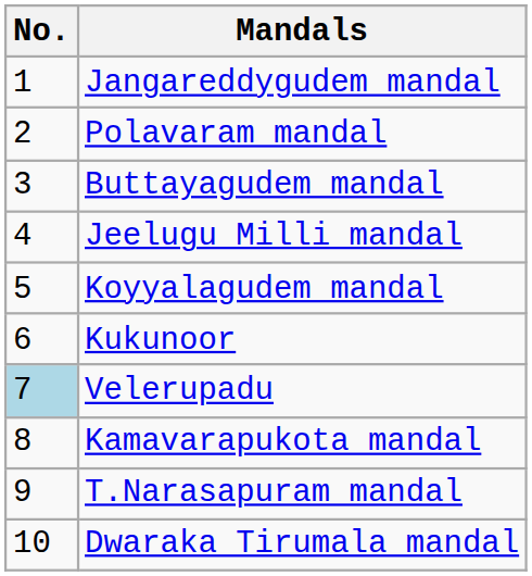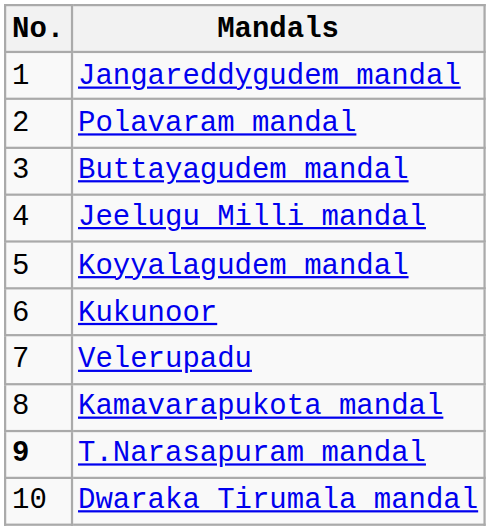 <table class="wikitable">
 <tr>
 <th>No.</th>
 <th>Mandals</th>
 </tr>
 <tr>
 <td>1</td>
 <td><a href='#'>Jangareddygudem mandal</a></td>
 </tr>
 <tr>
 <td>2</td>
 <td><a href='#'>Polavaram mandal</a></td>
 </tr>
 <tr>
 <td>3</td>
 <td><a href='#'>Buttayagudem mandal</a></td>
 </tr>
 <tr>
 <td>4</td>
 <td><a href='#'>Jeelugu Milli mandal</a></td>
 </tr>
 <tr>
 <td>5</td>
 <td><a href='#'>Koyyalagudem mandal</a></td>
 </tr>
 <tr>
 <td>6</td>
 <td><a href='#'>Kukunoor</a></td>
 </tr>
 <tr>
-<td style="background: lightblue;">7</td>
+<td>7</td>
 <td><a href='#'>Velerupadu</a></td>
 </tr>
 <tr>
 <td>8</td>
 <td><a href='#'>Kamavarapukota mandal</a></td>
 </tr>
 <tr>
-<td>9</td>
+<td><strong>9</strong></td>
 <td><a href='#'>T.Narasapuram mandal</a></td>
 </tr>
 <tr>
 <td>10</td>
 <td><a href='#'>Dwaraka Tirumala mandal</a></td>
 </tr>
 </table>
